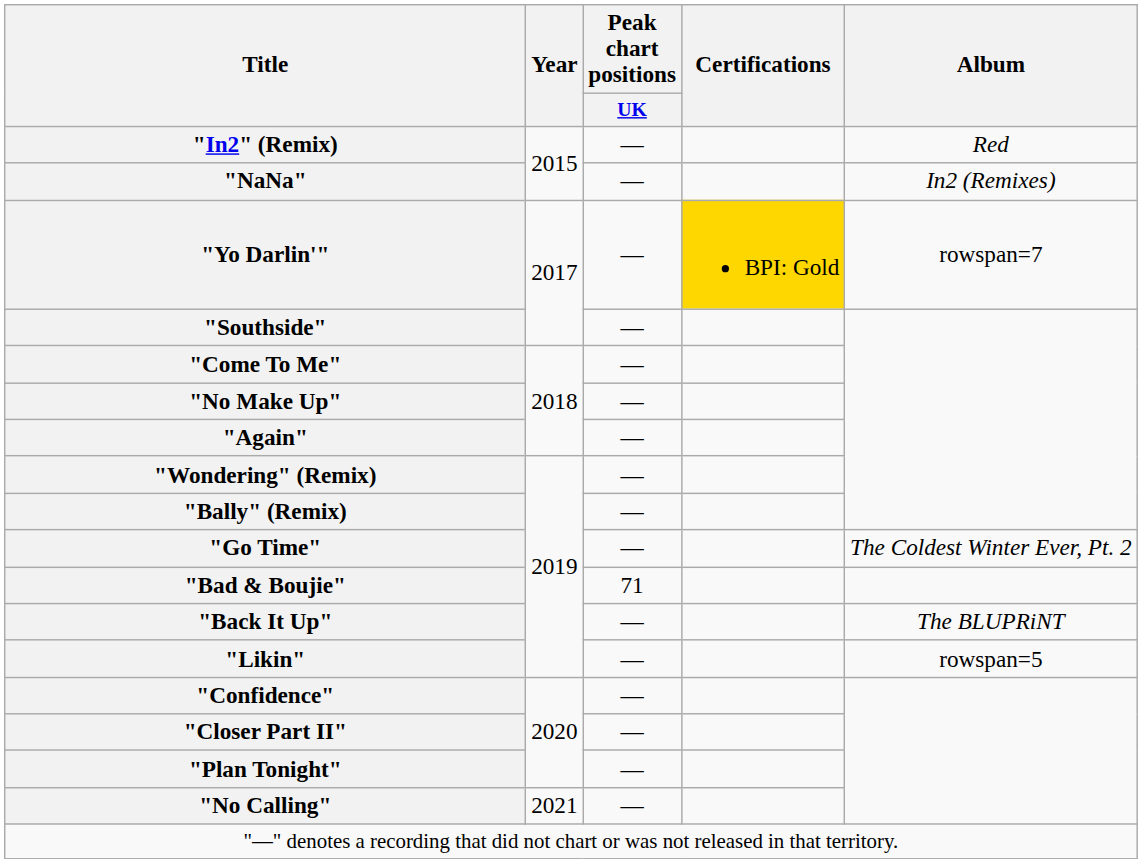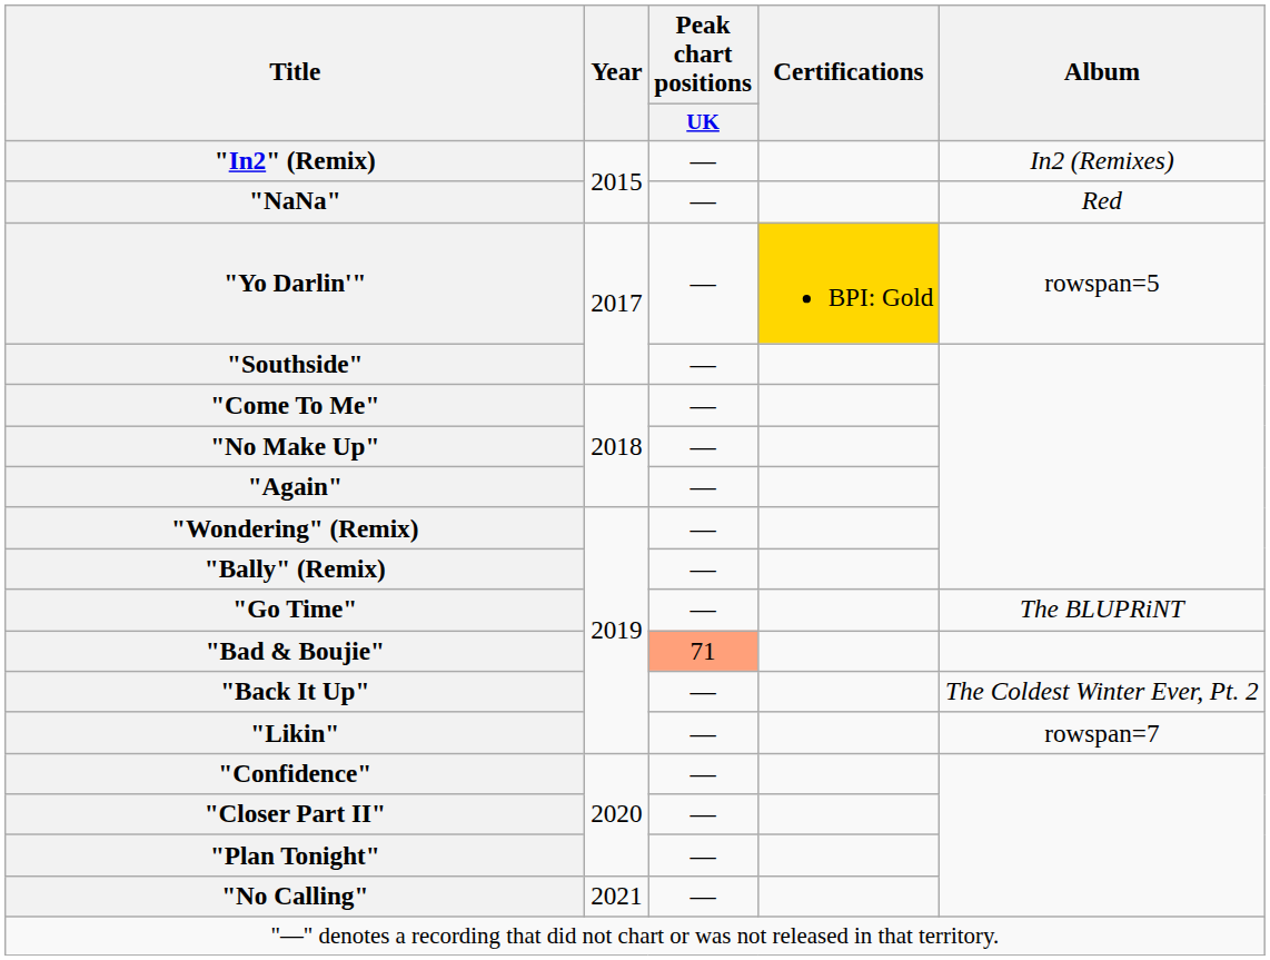 <table class="wikitable plainrowheaders" style="text-align:center;">
 <tr>
 <th scope="col" rowspan="2" style="width:22em;">Title</th>
 <th scope="col" rowspan="2">Year</th>
 <th scope="col" colspan="1">Peak chart positions</th>
 <th scope="col" rowspan="2">Certifications</th>
 <th scope="col" rowspan="2">Album</th>
 </tr>
 <tr>
 <th scope="col" style="width:3em;font-size:85%;"><a href='#'>UK</a><br></th>
 </tr>
 <tr>
 <th scope="row">"<a href='#'>In2</a>" (Remix)<br></th>
 <td rowspan=2>2015</td>
 <td>—</td>
 <td></td>
-<td><em>Red</em></td>
+<td><em>In2 (Remixes)</em></td>
 </tr>
 <tr>
 <th scope="row">"NaNa"<br></th>
 <td>—</td>
 <td></td>
-<td><em>In2 (Remixes)</em></td>
+<td><em>Red</em></td>
 </tr>
 <tr>
 <th scope="row">"Yo Darlin'"<br></th>
 <td rowspan = 2>2017</td>
 <td>—</td>
 <td style="background: gold;"><br><ul><li>BPI: Gold</li></ul></td>
-<td>rowspan=7 </td>
+<td>rowspan=5 </td>
 </tr>
 <tr>
 <th scope="row">"Southside"<br></th>
 <td>—</td>
 <td></td>
 </tr>
 <tr>
 <th scope="row">"Come To Me"<br></th>
 <td rowspan=3>2018</td>
 <td>—</td>
 <td></td>
 </tr>
 <tr>
 <th scope="row">"No Make Up"<br></th>
 <td>—</td>
 <td></td>
 </tr>
 <tr>
 <th scope="row">"Again"<br></th>
 <td>—</td>
 <td></td>
 </tr>
 <tr>
 <th scope="row">"Wondering" (Remix)<br></th>
 <td rowspan=6>2019</td>
 <td>—</td>
 <td></td>
 </tr>
 <tr>
 <th scope="row">"Bally" (Remix)<br></th>
 <td>—</td>
 <td></td>
 </tr>
 <tr>
 <th scope="row">"Go Time"<br></th>
 <td>—</td>
 <td></td>
-<td><em>The Coldest Winter Ever, Pt. 2</em></td>
+<td><em>The BLUPRiNT</em></td>
 </tr>
 <tr>
 <th scope="row">"Bad & Boujie"<br></th>
-<td>71</td>
+<td style="background: lightsalmon;">71</td>
 <td></td>
 <td></td>
 </tr>
 <tr>
 <th scope="row">"Back It Up"<br></th>
 <td>—</td>
 <td></td>
-<td><em>The BLUPRiNT</em></td>
+<td><em>The Coldest Winter Ever, Pt. 2</em></td>
 </tr>
 <tr>
 <th scope="row">"Likin"<br></th>
 <td>—</td>
 <td></td>
-<td>rowspan=5 </td>
+<td>rowspan=7 </td>
 </tr>
 <tr>
 <th scope="row">"Confidence"<br></th>
 <td rowspan=3>2020</td>
 <td>—</td>
 <td></td>
 </tr>
 <tr>
 <th scope="row">"Closer Part II"<br></th>
 <td>—</td>
 <td></td>
 </tr>
 <tr>
 <th scope="row">"Plan Tonight"<br></th>
 <td>—</td>
 <td></td>
 </tr>
 <tr>
 <th scope="row">"No Calling"<br></th>
 <td rowspan=1>2021</td>
 <td>—</td>
 <td></td>
 </tr>
 <tr>
 <td colspan="6" style="font-size:90%">"—" denotes a recording that did not chart or was not released in that territory.</td>
 </tr>
 </table>
